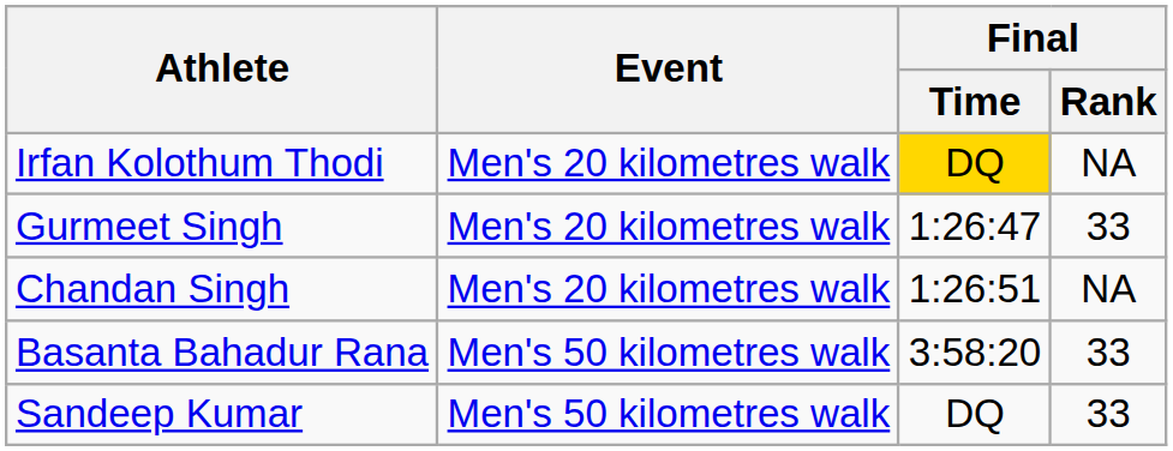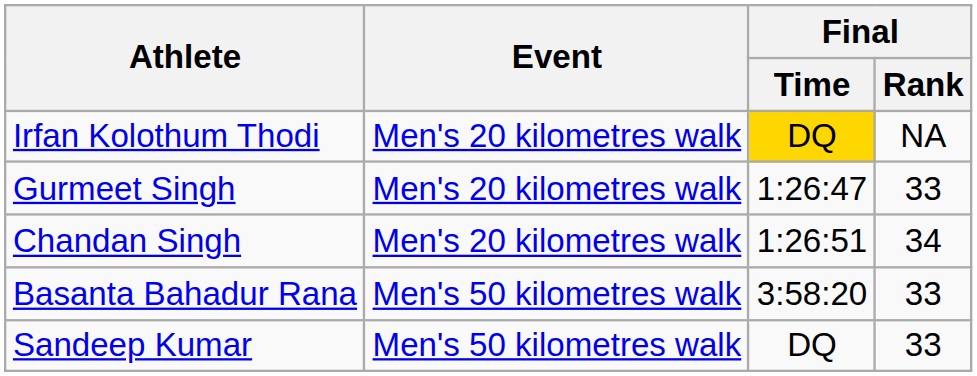 <table class=wikitable style="font-size:90%;">
 <tr>
 <th rowspan=2>Athlete</th>
 <th rowspan=2>Event</th>
 <th colspan=2>Final</th>
 </tr>
 <tr>
 <th>Time</th>
 <th>Rank</th>
 </tr>
 <tr>
 <td><a href='#'>Irfan Kolothum Thodi</a></td>
 <td><a href='#'>Men's 20 kilometres walk</a></td>
 <td align="center" style="background: gold;">DQ</td>
 <td align="center">NA</td>
 </tr>
 <tr>
 <td><a href='#'>Gurmeet Singh</a></td>
 <td><a href='#'>Men's 20 kilometres walk</a></td>
 <td align="center">1:26:47</td>
 <td align="center">33</td>
 </tr>
 <tr>
 <td><a href='#'>Chandan Singh</a></td>
 <td><a href='#'>Men's 20 kilometres walk</a></td>
 <td align="center">1:26:51</td>
-<td align="center">NA</td>
+<td align="center">34</td>
 </tr>
 <tr>
 <td><a href='#'>Basanta Bahadur Rana</a></td>
 <td><a href='#'>Men's 50 kilometres walk</a></td>
 <td align="center">3:58:20</td>
 <td align="center">33</td>
 </tr>
 <tr>
 <td><a href='#'>Sandeep Kumar</a></td>
 <td><a href='#'>Men's 50 kilometres walk</a></td>
 <td align="center">DQ</td>
 <td align="center">33</td>
 </tr>
 </table>
